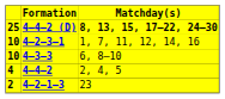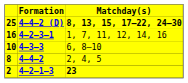 <table class="toccolours" border="0" cellpadding="2" cellspacing="0" align="center" style="margin: 0.5em 0 1em 1em; background: #000000; border: 1px #aaaaaa solid;">
 <tr bgcolor=#FFFF00>
 <th></th>
 <th>Formation</th>
 <th>Matchday(s)</th>
 </tr>
 <tr bgcolor=#FFFF00>
 <td><strong>25</strong></td>
 <td><a href='#'><span><strong>4–4–2 (D)</strong></span></a></td>
 <td><strong>8, 13, 15, 17–22, 24–30</strong></td>
 </tr>
 <tr bgcolor=#FFFF00>
-<td><strong>10</strong></td>
+<td><strong>16</strong></td>
 <td><a href='#'><span><strong>4–2–3–1</strong></span></a></td>
 <td>1, 7, 11, 12, 14, 16</td>
 </tr>
 <tr bgcolor=#FFFF00>
 <td><strong>10</strong></td>
 <td><a href='#'><span><strong>4–3–3</strong></span></a></td>
 <td>6, 8–10</td>
 </tr>
 <tr bgcolor=#FFFF00>
-<td><strong>4</strong></td>
+<td><strong>8</strong></td>
 <td><a href='#'><span><strong>4–4–2</strong></span></a></td>
 <td>2, 4, 5</td>
 </tr>
 <tr bgcolor=#FFFF00>
 <td><strong>2</strong></td>
 <td><a href='#'><span><strong>4–2–1–3</strong></span></a></td>
-<td>23</td>
+<td><strong>23</strong></td>
 </tr>
 </table>
